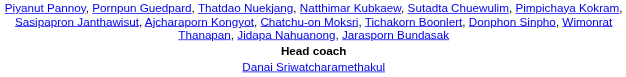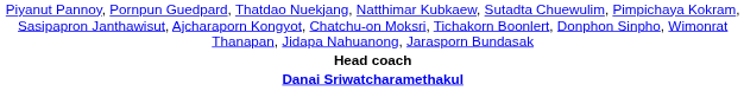 <table style="text-align:center; margin-top:2em; margin-left:auto; margin-right:auto">
 <tr>
 <td><a href='#'>Piyanut Pannoy</a>, <a href='#'>Pornpun Guedpard</a>, <a href='#'>Thatdao Nuekjang</a>, <a href='#'>Natthimar Kubkaew</a>, <a href='#'>Sutadta Chuewulim</a>, <a href='#'>Pimpichaya Kokram</a>, <a href='#'>Sasipapron Janthawisut</a>, <a href='#'>Ajcharaporn Kongyot</a>, <a href='#'>Chatchu-on Moksri</a>, <a href='#'>Tichakorn Boonlert</a>, <a href='#'>Donphon Sinpho</a>, <a href='#'>Wimonrat Thanapan</a>, <a href='#'>Jidapa Nahuanong</a>, <a href='#'>Jarasporn Bundasak</a></td>
 </tr>
 <tr>
 <td><strong>Head coach</strong></td>
 </tr>
 <tr>
-<td><a href='#'>Danai Sriwatcharamethakul</a></td>
+<td><strong><a href='#'>Danai Sriwatcharamethakul</a></strong></td>
 </tr>
 </table>
